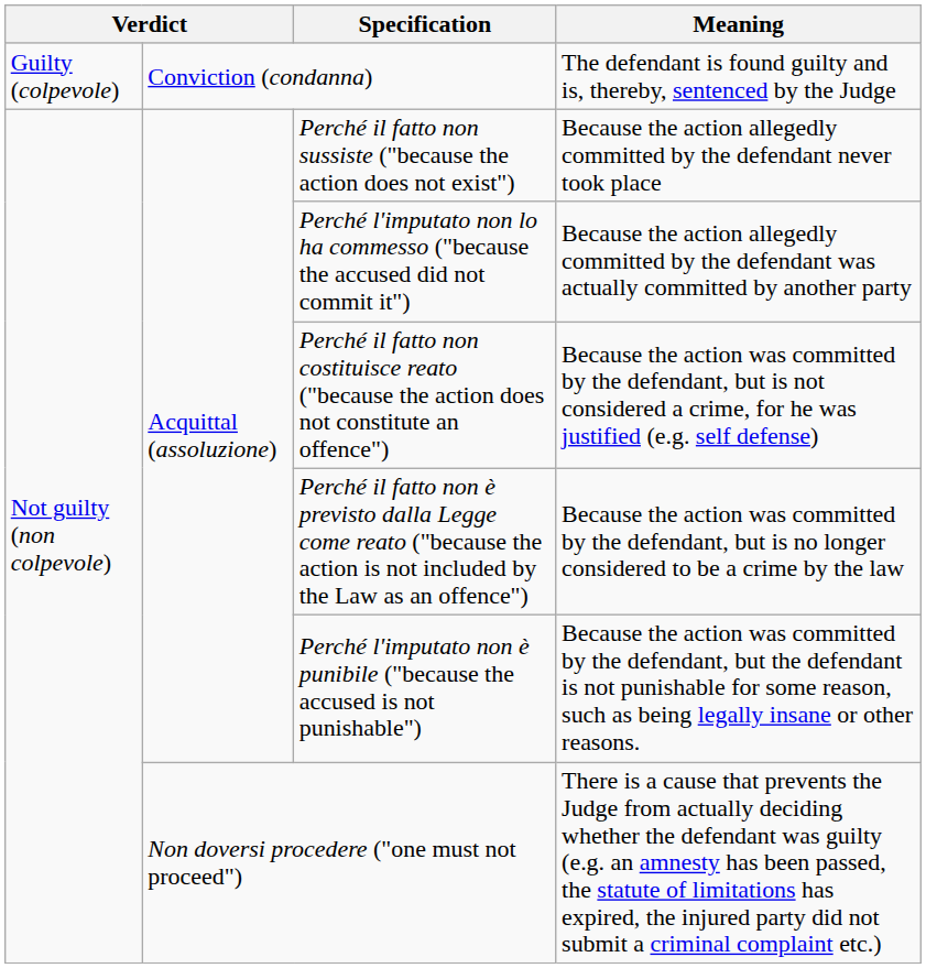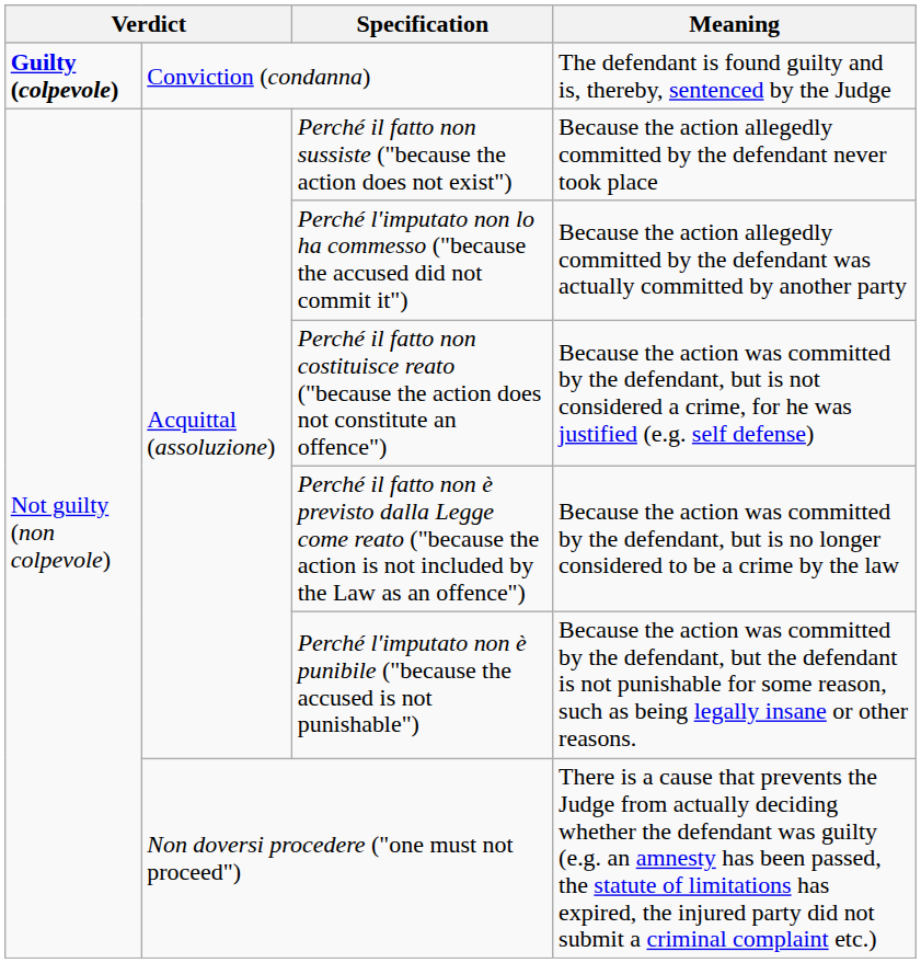 <table class="wikitable">
 <tr>
 <th colspan="2">Verdict</th>
 <th>Specification</th>
 <th>Meaning</th>
 </tr>
 <tr>
-<td><a href='#'>Guilty</a> (<em>colpevole</em>)</td>
+<td><strong><a href='#'>Guilty</a> (<em>colpevole</em>)</strong></td>
 <td colspan="2"><a href='#'>Conviction</a> (<em>condanna</em>)</td>
 <td>The defendant is found guilty and is, thereby, <a href='#'>sentenced</a> by the Judge</td>
 </tr>
 <tr>
 <td rowspan="6"><a href='#'>Not guilty</a> (<em>non colpevole</em>)</td>
 <td rowspan="5"><a href='#'>Acquittal</a> (<em>assoluzione</em>)</td>
 <td><em>Perché il fatto non sussiste</em> ("because the action does not exist")</td>
 <td>Because the action allegedly committed by the defendant never took place</td>
 </tr>
 <tr>
 <td><em>Perché l'imputato non lo ha commesso</em> ("because the accused did not commit it")</td>
 <td>Because the action allegedly committed by the defendant was actually committed by another party</td>
 </tr>
 <tr>
 <td><em>Perché il fatto non costituisce reato</em> ("because the action does not constitute an offence")</td>
 <td>Because the action was committed by the defendant, but is not considered a crime, for he was <a href='#'>justified</a> (e.g. <a href='#'>self defense</a>)</td>
 </tr>
 <tr>
 <td><em>Perché il fatto non è previsto dalla Legge come reato</em> ("because the action is not included by the Law as an offence")</td>
 <td>Because the action was committed by the defendant, but is no longer considered to be a crime by the law</td>
 </tr>
 <tr>
 <td><em>Perché l'imputato non è punibile</em> ("because the accused is not punishable")</td>
 <td>Because the action was committed by the defendant, but the defendant is not punishable for some reason, such as being <a href='#'>legally insane</a> or other reasons.</td>
 </tr>
 <tr>
 <td colspan="2"><em>Non doversi procedere</em> ("one must not proceed")</td>
 <td>There is a cause that prevents the Judge from actually deciding whether the defendant was guilty (e.g. an <a href='#'>amnesty</a> has been passed, the <a href='#'>statute of limitations</a> has expired, the injured party did not submit a <a href='#'>criminal complaint</a> etc.)</td>
 </tr>
 </table>
